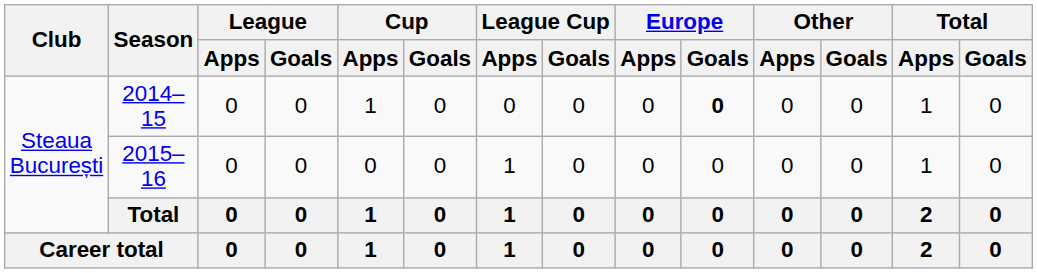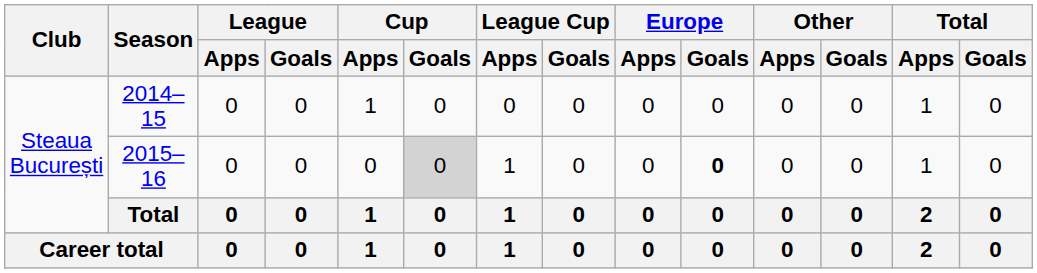 <table class="wikitable" style="text-align: center">
 <tr>
 <th rowspan="2">Club</th>
 <th rowspan="2">Season</th>
 <th colspan="2">League</th>
 <th colspan="2">Cup</th>
 <th colspan="2">League Cup</th>
 <th colspan="2"><a href='#'>Europe</a></th>
 <th colspan="2">Other</th>
 <th colspan="3">Total</th>
 </tr>
 <tr>
 <th>Apps</th>
 <th>Goals</th>
 <th>Apps</th>
 <th>Goals</th>
 <th>Apps</th>
 <th>Goals</th>
 <th>Apps</th>
 <th>Goals</th>
 <th>Apps</th>
 <th>Goals</th>
 <th>Apps</th>
 <th>Goals</th>
 </tr>
 <tr>
 <td rowspan="3"><a href='#'>Steaua București</a></td>
 <td><a href='#'>2014–15</a></td>
 <td>0</td>
 <td>0</td>
 <td>1</td>
 <td>0</td>
 <td>0</td>
 <td>0</td>
 <td>0</td>
-<td><strong>0</strong></td>
+<td>0</td>
 <td>0</td>
 <td>0</td>
 <td>1</td>
 <td>0</td>
 </tr>
 <tr>
 <td><a href='#'>2015–16</a></td>
 <td>0</td>
 <td>0</td>
 <td>0</td>
-<td>0</td>
+<td style="background: lightgrey;">0</td>
 <td>1</td>
 <td>0</td>
 <td>0</td>
-<td>0</td>
+<td><strong>0</strong></td>
 <td>0</td>
 <td>0</td>
 <td>1</td>
 <td>0</td>
 </tr>
 <tr>
 <th>Total</th>
 <th>0</th>
 <th>0</th>
 <th>1</th>
 <th>0</th>
 <th>1</th>
 <th>0</th>
 <th>0</th>
 <th>0</th>
 <th>0</th>
 <th>0</th>
 <th>2</th>
 <th>0</th>
 </tr>
 <tr>
 <th colspan="2">Career total</th>
 <th>0</th>
 <th>0</th>
 <th>1</th>
 <th>0</th>
 <th>1</th>
 <th>0</th>
 <th>0</th>
 <th>0</th>
 <th>0</th>
 <th>0</th>
 <th>2</th>
 <th>0</th>
 </tr>
 </table>
